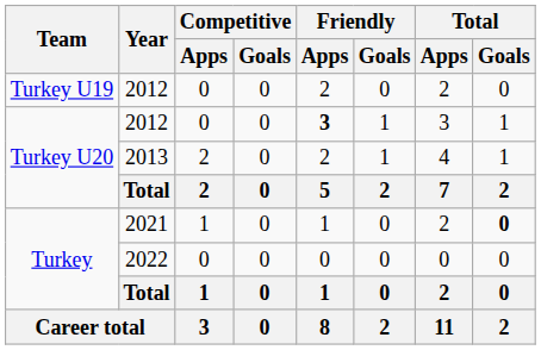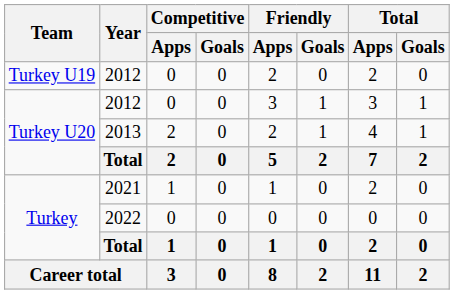 <table class="wikitable" style="text-align:center;">
 <tr>
 <th rowspan="2">Team</th>
 <th rowspan="2">Year</th>
 <th colspan="2">Competitive</th>
 <th colspan="2">Friendly</th>
 <th colspan="2">Total</th>
 </tr>
 <tr>
 <th>Apps</th>
 <th>Goals</th>
 <th>Apps</th>
 <th>Goals</th>
 <th>Apps</th>
 <th>Goals</th>
 </tr>
 <tr>
 <td><a href='#'>Turkey U19</a></td>
 <td>2012</td>
 <td>0</td>
 <td>0</td>
 <td>2</td>
 <td>0</td>
 <td>2</td>
 <td>0</td>
 </tr>
 <tr>
 <td rowspan="3"><a href='#'>Turkey U20</a></td>
 <td>2012</td>
 <td>0</td>
 <td>0</td>
-<td><strong>3</strong></td>
+<td>3</td>
 <td>1</td>
 <td>3</td>
 <td>1</td>
 </tr>
 <tr>
 <td>2013</td>
 <td>2</td>
 <td>0</td>
 <td>2</td>
 <td>1</td>
 <td>4</td>
 <td>1</td>
 </tr>
 <tr>
 <th>Total</th>
 <th>2</th>
 <th>0</th>
 <th>5</th>
 <th>2</th>
 <th>7</th>
 <th>2</th>
 </tr>
 <tr>
 <td rowspan="3"><a href='#'>Turkey</a></td>
 <td>2021</td>
 <td>1</td>
 <td>0</td>
 <td>1</td>
 <td>0</td>
 <td>2</td>
-<td><strong>0</strong></td>
+<td>0</td>
 </tr>
 <tr>
 <td>2022</td>
 <td>0</td>
 <td>0</td>
 <td>0</td>
 <td>0</td>
 <td>0</td>
 <td>0</td>
 </tr>
 <tr>
 <th>Total</th>
 <th>1</th>
 <th>0</th>
 <th>1</th>
 <th>0</th>
 <th>2</th>
 <th>0</th>
 </tr>
 <tr>
 <th colspan="2">Career total</th>
 <th>3</th>
 <th>0</th>
 <th>8</th>
 <th>2</th>
 <th>11</th>
 <th>2</th>
 </tr>
 </table>
